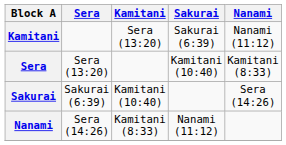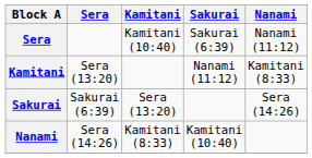 <table class="wikitable" style="text-align:center; margin: 1em auto 1em auto;" width="25%">
 <tr>
 <th>Block A</th>
 <th><a href='#'>Sera</a></th>
 <th><a href='#'>Kamitani</a></th>
 <th><a href='#'>Sakurai</a></th>
 <th><a href='#'>Nanami</a></th>
 </tr>
 <tr>
-<th><a href='#'>Kamitani</a></th>
+<th><a href='#'>Sera</a></th>
 <td></td>
-<td>Sera<br>(13:20)</td>
+<td>Kamitani<br>(10:40)</td>
 <td>Sakurai<br>(6:39)</td>
 <td>Nanami<br>(11:12)</td>
 </tr>
 <tr>
-<th><a href='#'>Sera</a></th>
+<th><a href='#'>Kamitani</a></th>
 <td>Sera<br>(13:20)</td>
 <td></td>
-<td>Kamitani<br>(10:40)</td>
+<td>Nanami<br>(11:12)</td>
 <td>Kamitani<br>(8:33)</td>
 </tr>
 <tr>
 <th><a href='#'>Sakurai</a></th>
 <td>Sakurai<br>(6:39)</td>
-<td>Kamitani<br>(10:40)</td>
+<td>Sera<br>(13:20)</td>
 <td></td>
 <td>Sera<br>(14:26)</td>
 </tr>
 <tr>
 <th><a href='#'>Nanami</a></th>
 <td>Sera<br>(14:26)</td>
 <td>Kamitani<br>(8:33)</td>
-<td>Nanami<br>(11:12)</td>
+<td>Kamitani<br>(10:40)</td>
 <td></td>
 </tr>
 <tr>
 </tr>
 </table>
